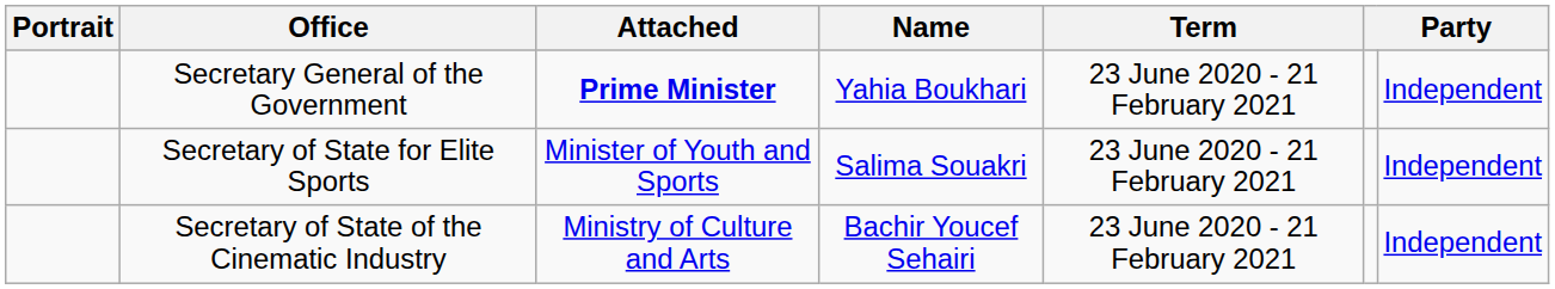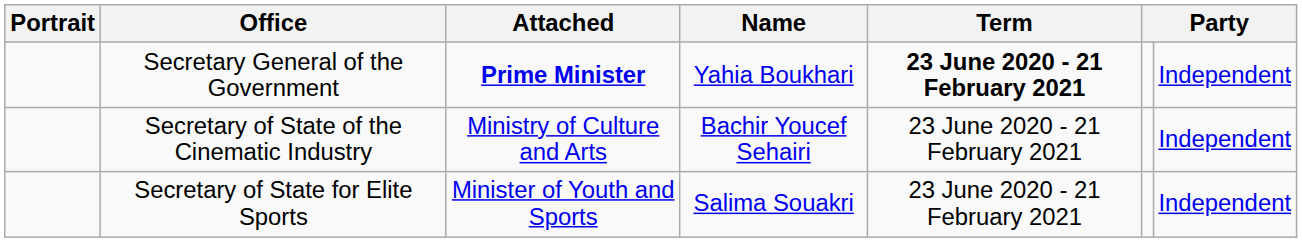 <table class="wikitable" style="text-align:center">
 <tr>
 <th>Portrait</th>
 <th>Office</th>
 <th>Attached</th>
 <th>Name</th>
 <th>Term</th>
 <th colspan="2">Party</th>
 </tr>
 <tr>
 <td></td>
 <td>Secretary General of the Government</td>
 <td><strong><a href='#'>Prime Minister</a></strong></td>
 <td><a href='#'>Yahia Boukhari</a></td>
+<td><strong>23 June 2020 - 21 February 2021</strong></td>
+<td></td>
+<td><a href='#'>Independent</a></td>
+</tr>
+<tr>
+<td></td>
+<td>Secretary of State of the Cinematic Industry</td>
+<td><a href='#'>Ministry of Culture and Arts</a></td>
+<td><a href='#'>Bachir Youcef Sehairi</a></td>
 <td>23 June 2020 - 21 February 2021</td>
 <td></td>
 <td><a href='#'>Independent</a></td>
 </tr>
 <tr>
 <td></td>
 <td>Secretary of State for Elite Sports</td>
 <td><a href='#'>Minister of Youth and Sports</a></td>
 <td><a href='#'>Salima Souakri</a></td>
 <td>23 June 2020 - 21 February 2021</td>
 <td></td>
 <td><a href='#'>Independent</a></td>
 </tr>
-<tr>
-<td></td>
-<td>Secretary of State of the Cinematic Industry</td>
-<td><a href='#'>Ministry of Culture and Arts</a></td>
-<td><a href='#'>Bachir Youcef Sehairi</a></td>
-<td>23 June 2020 - 21 February 2021</td>
-<td></td>
-<td><a href='#'>Independent</a></td>
-</tr>
 </table>
